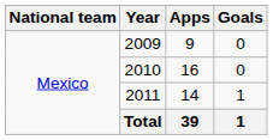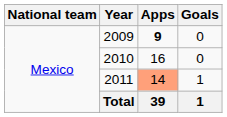 <table class="wikitable" style="text-align: center;">
 <tr>
 <th>National team</th>
 <th>Year</th>
 <th>Apps</th>
 <th>Goals</th>
 </tr>
 <tr>
 <td rowspan="4"><a href='#'>Mexico</a></td>
 <td>2009</td>
-<td>9</td>
+<td><strong>9</strong></td>
 <td>0</td>
 </tr>
 <tr>
 <td>2010</td>
 <td>16</td>
 <td>0</td>
 </tr>
 <tr>
 <td>2011</td>
-<td>14</td>
+<td style="background: lightsalmon;">14</td>
 <td>1</td>
 </tr>
 <tr>
 <th>Total</th>
 <th>39</th>
 <th>1</th>
 </tr>
 </table>
